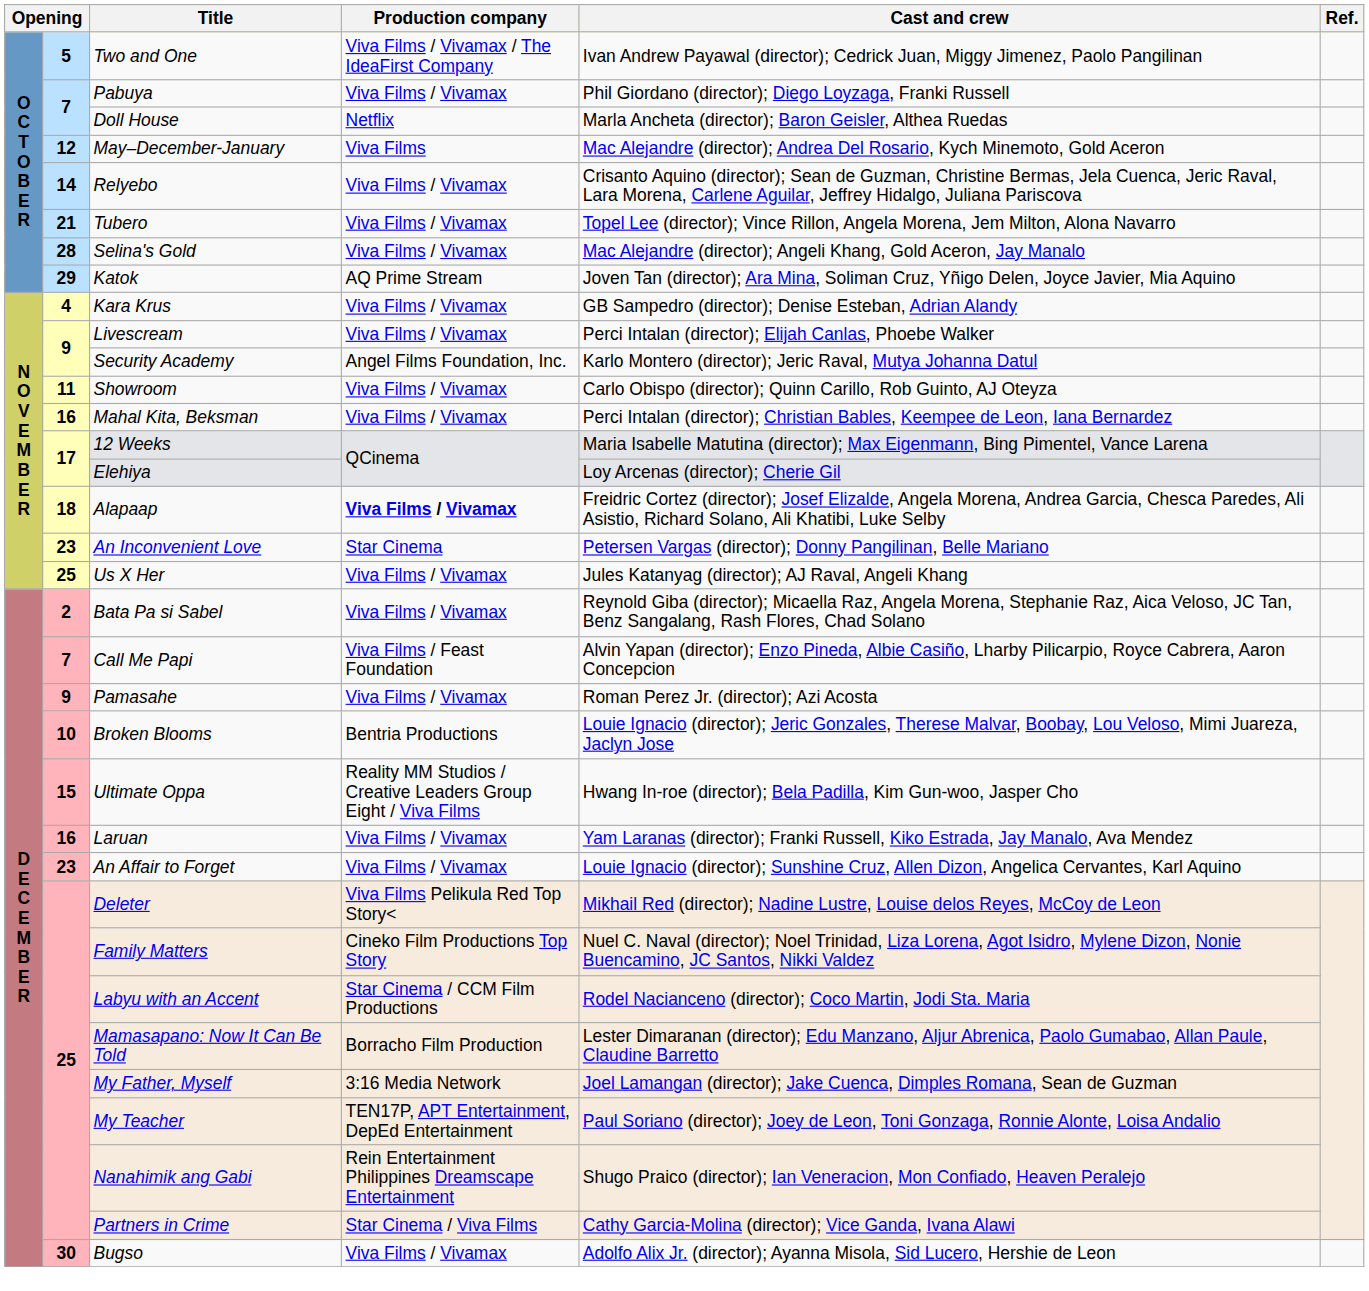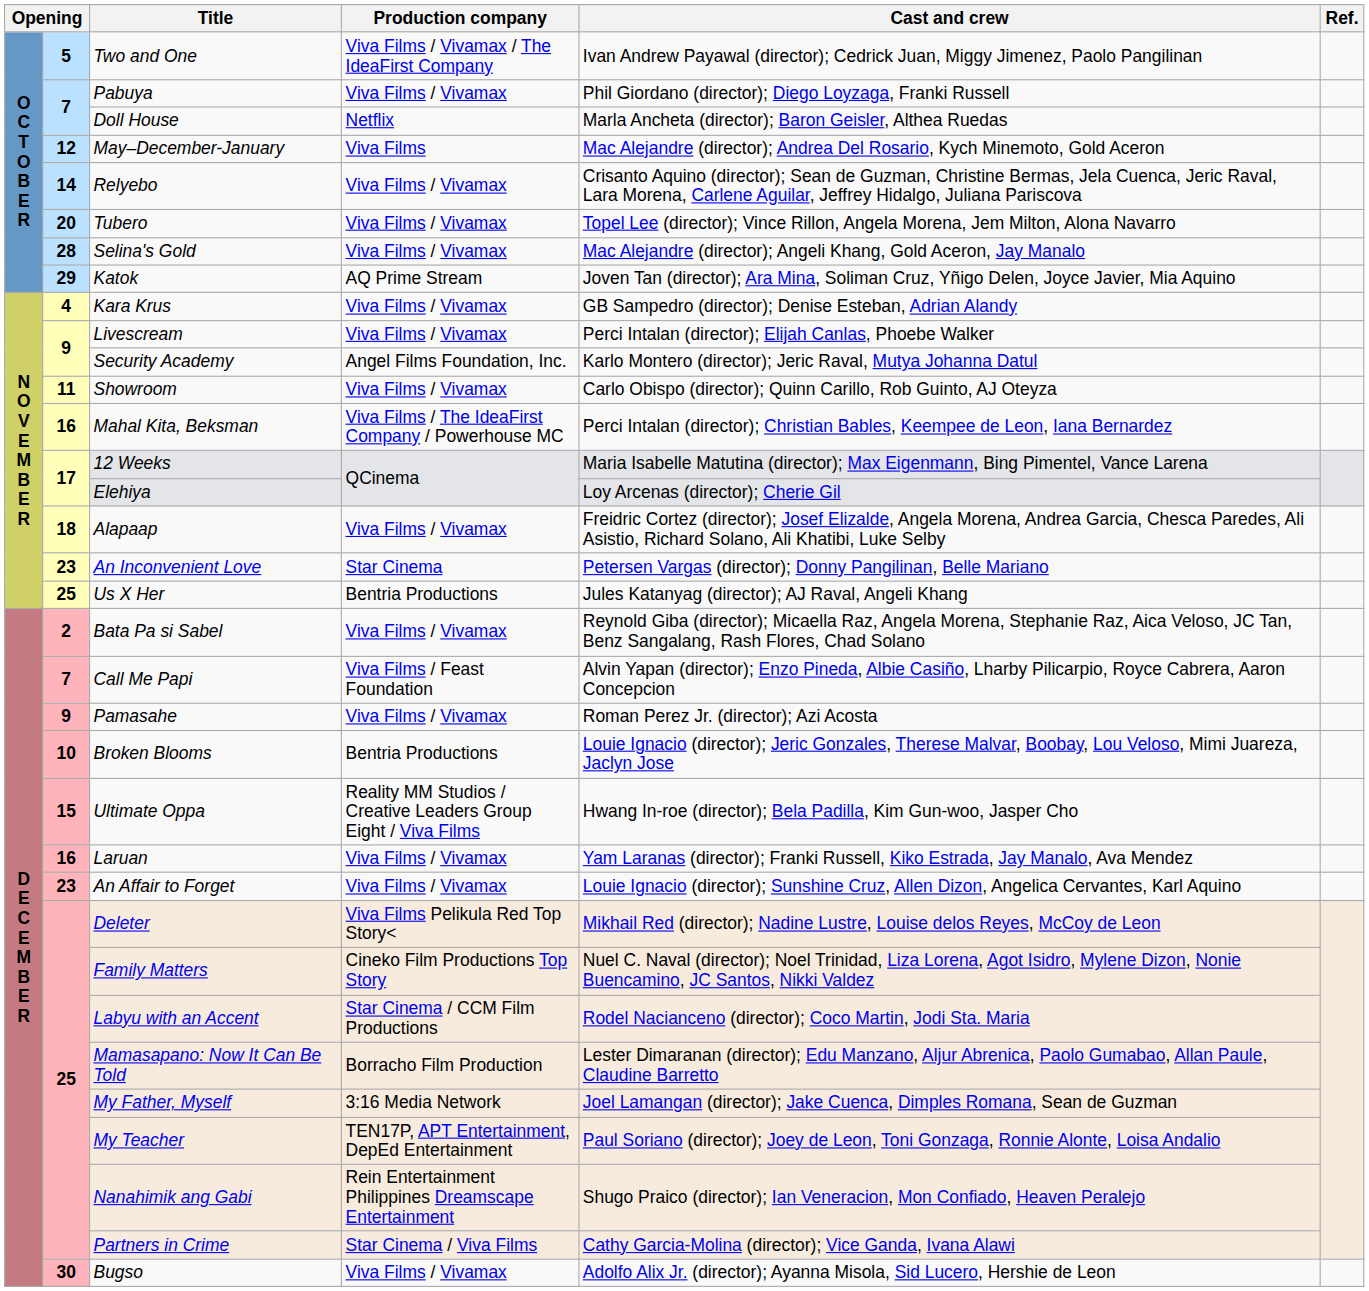 <table class="wikitable sortable">
 <tr style="background:#ffffba; text-align:center;">
 <th colspan="2" style="width:05%">Opening</th>
 <th style="width:17%">Title</th>
 <th style="width:16%">Production company</th>
 <th style="width:50%">Cast and crew</th>
 <th style="width:02%">Ref.</th>
 </tr>
 <tr>
 <th rowspan="8" style="text-align:center; background:#6698c6">O<br>C<br>T<br>O<br>B<br>E<br>R</th>
 <td style="text-align:center; background:#bae1ff"><strong>5</strong></td>
 <td><em>Two and One</em></td>
 <td><a href='#'>Viva Films</a> / <a href='#'>Vivamax</a> / <a href='#'>The IdeaFirst Company</a></td>
 <td>Ivan Andrew Payawal (director); Cedrick Juan, Miggy Jimenez, Paolo Pangilinan</td>
 <td></td>
 </tr>
 <tr>
 <td rowspan="2" style="text-align:center; background:#bae1ff"><strong>7</strong></td>
 <td><em>Pabuya</em></td>
 <td><a href='#'>Viva Films</a> / <a href='#'>Vivamax</a></td>
 <td>Phil Giordano (director); <a href='#'>Diego Loyzaga</a>, Franki Russell</td>
 <td></td>
 </tr>
 <tr>
 <td><em>Doll House</em></td>
 <td><a href='#'>Netflix</a></td>
 <td>Marla Ancheta (director); <a href='#'>Baron Geisler</a>, Althea Ruedas</td>
 <td></td>
 </tr>
 <tr>
 <td style="text-align:center; background:#bae1ff"><strong>12</strong></td>
 <td><em>May–December-January</em></td>
 <td><a href='#'>Viva Films</a></td>
 <td><a href='#'>Mac Alejandre</a> (director); <a href='#'>Andrea Del Rosario</a>, Kych Minemoto, Gold Aceron</td>
 <td></td>
 </tr>
 <tr>
 <td style="text-align:center; background:#bae1ff;"><strong>14</strong></td>
 <td><em>Relyebo</em></td>
 <td><a href='#'>Viva Films</a> / <a href='#'>Vivamax</a></td>
 <td>Crisanto Aquino (director); Sean de Guzman, Christine Bermas, Jela Cuenca, Jeric Raval, Lara Morena, <a href='#'>Carlene Aguilar</a>, Jeffrey Hidalgo, Juliana Pariscova</td>
 <td></td>
 </tr>
 <tr>
-<td style="text-align:center; background:#bae1ff;"><strong>21</strong></td>
+<td style="text-align:center; background:#bae1ff;"><strong>20</strong></td>
 <td><em>Tubero</em></td>
 <td><a href='#'>Viva Films</a> / <a href='#'>Vivamax</a></td>
 <td><a href='#'>Topel Lee</a> (director); Vince Rillon, Angela Morena, Jem Milton, Alona Navarro</td>
 <td></td>
 </tr>
 <tr>
 <td style="text-align:center; background:#bae1ff;"><strong>28</strong></td>
 <td><em>Selina's Gold</em></td>
 <td><a href='#'>Viva Films</a> / <a href='#'>Vivamax</a></td>
 <td><a href='#'>Mac Alejandre</a> (director); Angeli Khang, Gold Aceron, <a href='#'>Jay Manalo</a></td>
 <td></td>
 </tr>
 <tr>
 <td style="text-align:center; background:#bae1ff;"><strong>29</strong></td>
 <td><em>Katok</em></td>
 <td>AQ Prime Stream</td>
 <td>Joven Tan (director); <a href='#'>Ara Mina</a>, Soliman Cruz, Yñigo Delen, Joyce Javier, Mia Aquino</td>
 <td></td>
 </tr>
 <tr>
 <th rowspan="10" style="text-align:center; background:#d0d069 ">N<br>O<br>V<br>E<br>M<br>B<br>E<br>R</th>
 <td style="text-align:center; background:#ffffba;"><strong>4</strong></td>
 <td><em>Kara Krus</em></td>
 <td><a href='#'>Viva Films</a> / <a href='#'>Vivamax</a></td>
 <td>GB Sampedro (director); Denise Esteban, <a href='#'>Adrian Alandy</a></td>
 <td></td>
 </tr>
 <tr>
 <td rowspan="2" style="text-align:center; background:#ffffba;"><strong>9</strong></td>
 <td><em>Livescream</em></td>
 <td><a href='#'>Viva Films</a> / <a href='#'>Vivamax</a></td>
 <td>Perci Intalan (director); <a href='#'>Elijah Canlas</a>, Phoebe Walker</td>
 <td></td>
 </tr>
 <tr>
 <td><em>Security Academy</em></td>
 <td>Angel Films Foundation, Inc.</td>
 <td>Karlo Montero (director); Jeric Raval, <a href='#'>Mutya Johanna Datul</a></td>
 <td></td>
 </tr>
 <tr>
 <td style="text-align:center; background:#ffffba;"><strong>11</strong></td>
 <td><em>Showroom</em></td>
 <td><a href='#'>Viva Films</a> / <a href='#'>Vivamax</a></td>
 <td>Carlo Obispo (director); Quinn Carillo, Rob Guinto, AJ Oteyza</td>
 <td></td>
 </tr>
 <tr>
 <td style="text-align:center; background:#ffffba;"><strong>16</strong></td>
 <td><em>Mahal Kita, Beksman</em></td>
-<td><a href='#'>Viva Films</a> / <a href='#'>Vivamax</a></td>
+<td><a href='#'>Viva Films</a> / <a href='#'>The IdeaFirst Company</a> / Powerhouse MC</td>
 <td>Perci Intalan (director); <a href='#'>Christian Bables</a>, <a href='#'>Keempee de Leon</a>, <a href='#'>Iana Bernardez</a></td>
 <td></td>
 </tr>
 <tr>
 <td rowspan="2" style="text-align:center; background:#ffffba;"><strong>17</strong></td>
 <td style="background:#e3e5e8"><em>12 Weeks</em></td>
 <td rowspan="2"  style="background:#e3e5e8">QCinema</td>
 <td style="background:#e3e5e8">Maria Isabelle Matutina (director); <a href='#'>Max Eigenmann</a>, Bing Pimentel, Vance Larena</td>
 <td rowspan="2"  style="background:#e3e5e8"></td>
 </tr>
 <tr>
 <td style="background:#e3e5e8"><em>Elehiya</em></td>
 <td style="background:#e3e5e8">Loy Arcenas (director); <a href='#'>Cherie Gil</a></td>
 </tr>
 <tr>
 <td style="text-align:center; background:#ffffba;"><strong>18</strong></td>
 <td><em>Alapaap</em></td>
-<td><strong><a href='#'>Viva Films</a> / <a href='#'>Vivamax</a></strong></td>
+<td><a href='#'>Viva Films</a> / <a href='#'>Vivamax</a></td>
 <td>Freidric Cortez (director); <a href='#'>Josef Elizalde</a>, Angela Morena, Andrea Garcia, Chesca Paredes, Ali Asistio, Richard Solano, Ali Khatibi, Luke Selby</td>
 <td></td>
 </tr>
 <tr>
 <td style="text-align:center; background:#ffffba"><strong>23</strong></td>
 <td><em><a href='#'>An Inconvenient Love</a></em></td>
 <td><a href='#'>Star Cinema</a></td>
 <td><a href='#'>Petersen Vargas</a> (director); <a href='#'>Donny Pangilinan</a>, <a href='#'>Belle Mariano</a></td>
 <td></td>
 </tr>
 <tr>
 <td style="text-align:center; background:#ffffba;"><strong>25</strong></td>
 <td><em>Us X Her</em></td>
-<td><a href='#'>Viva Films</a> / <a href='#'>Vivamax</a></td>
+<td>Bentria Productions</td>
 <td>Jules Katanyag (director); AJ Raval, Angeli Khang</td>
 <td></td>
 </tr>
 <tr>
 <th rowspan="16" style="text-align:center; background:#c47a81">D<br>E<br>C<br>E<br>M<br>B<br>E<br>R</th>
 <td style="text-align:center; background:#ffb3ba;"><strong>2</strong></td>
 <td><em>Bata Pa si Sabel</em></td>
 <td><a href='#'>Viva Films</a> / <a href='#'>Vivamax</a></td>
 <td>Reynold Giba (director); Micaella Raz, Angela Morena, Stephanie Raz, Aica Veloso, JC Tan, Benz Sangalang, Rash Flores, Chad Solano</td>
 <td></td>
 </tr>
 <tr>
 <td style="text-align:center; background:#ffb3ba;"><strong>7</strong></td>
 <td><em>Call Me Papi</em></td>
 <td><a href='#'>Viva Films</a> / Feast Foundation</td>
 <td>Alvin Yapan (director); <a href='#'>Enzo Pineda</a>, <a href='#'>Albie Casiño</a>, Lharby Pilicarpio, Royce Cabrera, Aaron Concepcion</td>
 <td></td>
 </tr>
 <tr>
 <td style="text-align:center; background:#ffb3ba;"><strong>9</strong></td>
 <td><em>Pamasahe</em></td>
 <td><a href='#'>Viva Films</a> / <a href='#'>Vivamax</a></td>
 <td>Roman Perez Jr. (director); Azi Acosta</td>
 <td></td>
 </tr>
 <tr>
 <td style="text-align:center; background:#ffb3ba;"><strong>10</strong></td>
 <td><em>Broken Blooms</em></td>
 <td>Bentria Productions</td>
 <td><a href='#'>Louie Ignacio</a> (director); <a href='#'>Jeric Gonzales</a>, <a href='#'>Therese Malvar</a>, <a href='#'>Boobay</a>, <a href='#'>Lou Veloso</a>, Mimi Juareza, <a href='#'>Jaclyn Jose</a></td>
 <td></td>
 </tr>
 <tr>
 <td style="text-align:center; background:#ffb3ba;"><strong>15</strong></td>
 <td><em>Ultimate Oppa</em></td>
 <td>Reality MM Studios / Creative Leaders Group Eight / <a href='#'>Viva Films</a></td>
 <td>Hwang In-roe (director); <a href='#'>Bela Padilla</a>, Kim Gun-woo, Jasper Cho</td>
 <td></td>
 </tr>
 <tr>
 <td style="text-align:center; background:#ffb3ba;"><strong>16</strong></td>
 <td><em>Laruan</em></td>
 <td><a href='#'>Viva Films</a> / <a href='#'>Vivamax</a></td>
 <td><a href='#'>Yam Laranas</a> (director); Franki Russell, <a href='#'>Kiko Estrada</a>, <a href='#'>Jay Manalo</a>, Ava Mendez</td>
 <td></td>
 </tr>
 <tr>
 <td style="text-align:center; background:#ffb3ba;"><strong>23</strong></td>
 <td><em>An Affair to Forget</em></td>
 <td><a href='#'>Viva Films</a> / <a href='#'>Vivamax</a></td>
 <td><a href='#'>Louie Ignacio</a> (director); <a href='#'>Sunshine Cruz</a>, <a href='#'>Allen Dizon</a>, Angelica Cervantes, Karl Aquino</td>
 <td></td>
 </tr>
 <tr>
 <td rowspan="8" style="text-align:center; background:#ffb3ba"><strong>25</strong></td>
 <td style="background:#f7ebdd"><em><a href='#'>Deleter</a></em></td>
 <td style="background:#f7ebdd"><a href='#'>Viva Films</a> Pelikula Red Top Story<</td>
 <td style="background:#f7ebdd"><a href='#'>Mikhail Red</a> (director); <a href='#'>Nadine Lustre</a>, <a href='#'>Louise delos Reyes</a>, <a href='#'>McCoy de Leon</a></td>
 <td rowspan="8" style="background:#f7ebdd"></td>
 </tr>
 <tr>
 <td style="background:#f7ebdd"><em><a href='#'>Family Matters</a></em></td>
 <td style="background:#f7ebdd">Cineko Film Productions <a href='#'>Top Story</a></td>
 <td style="background:#f7ebdd">Nuel C. Naval (director); Noel Trinidad, <a href='#'>Liza Lorena</a>, <a href='#'>Agot Isidro</a>, <a href='#'>Mylene Dizon</a>, <a href='#'>Nonie Buencamino</a>, <a href='#'>JC Santos</a>, <a href='#'>Nikki Valdez</a></td>
 </tr>
 <tr>
 <td style="background:#f7ebdd"><em><a href='#'>Labyu with an Accent</a></em></td>
 <td style="background:#f7ebdd"><a href='#'>Star Cinema</a> / CCM Film Productions</td>
 <td style="background:#f7ebdd"><a href='#'>Rodel Nacianceno</a> (director); <a href='#'>Coco Martin</a>, <a href='#'>Jodi Sta. Maria</a></td>
 </tr>
 <tr>
 <td style="background:#f7ebdd"><em><a href='#'>Mamasapano: Now It Can Be Told</a></em></td>
 <td style="background:#f7ebdd">Borracho Film Production</td>
 <td style="background:#f7ebdd">Lester Dimaranan (director); <a href='#'>Edu Manzano</a>, <a href='#'>Aljur Abrenica</a>, <a href='#'>Paolo Gumabao</a>, <a href='#'>Allan Paule</a>, <a href='#'>Claudine Barretto</a></td>
 </tr>
 <tr>
 <td style="background:#f7ebdd"><em><a href='#'>My Father, Myself</a></em></td>
 <td style="background:#f7ebdd">3:16 Media Network</td>
 <td style="background:#f7ebdd"><a href='#'>Joel Lamangan</a> (director); <a href='#'>Jake Cuenca</a>, <a href='#'>Dimples Romana</a>, Sean de Guzman</td>
 </tr>
 <tr>
 <td style="background:#f7ebdd"><em><a href='#'>My Teacher</a></em></td>
 <td style="background:#f7ebdd">TEN17P, <a href='#'>APT Entertainment</a>, DepEd Entertainment</td>
 <td style="background:#f7ebdd"><a href='#'>Paul Soriano</a> (director); <a href='#'>Joey de Leon</a>, <a href='#'>Toni Gonzaga</a>, <a href='#'>Ronnie Alonte</a>, <a href='#'>Loisa Andalio</a></td>
 </tr>
 <tr>
 <td style="background:#f7ebdd"><em><a href='#'>Nanahimik ang Gabi</a></em></td>
 <td style="background:#f7ebdd">Rein Entertainment Philippines <a href='#'>Dreamscape Entertainment</a></td>
 <td style="background:#f7ebdd">Shugo Praico (director); <a href='#'>Ian Veneracion</a>, <a href='#'>Mon Confiado</a>, <a href='#'>Heaven Peralejo</a></td>
 </tr>
 <tr>
 <td style="background:#f7ebdd"><em><a href='#'>Partners in Crime</a></em></td>
 <td style="background:#f7ebdd"><a href='#'>Star Cinema</a> / <a href='#'>Viva Films</a></td>
 <td style="background:#f7ebdd"><a href='#'>Cathy Garcia-Molina</a> (director); <a href='#'>Vice Ganda</a>, <a href='#'>Ivana Alawi</a></td>
 </tr>
 <tr>
 <td style="text-align:center; background:#ffb3ba;"><strong>30</strong></td>
 <td><em>Bugso</em></td>
 <td><a href='#'>Viva Films</a> / <a href='#'>Vivamax</a></td>
 <td><a href='#'>Adolfo Alix Jr.</a> (director); Ayanna Misola, <a href='#'>Sid Lucero</a>, Hershie de Leon</td>
 <td></td>
 </tr>
 </table>
